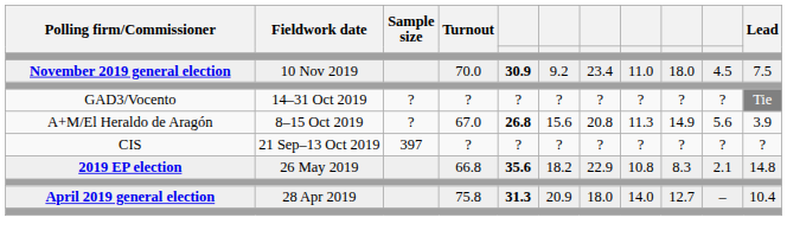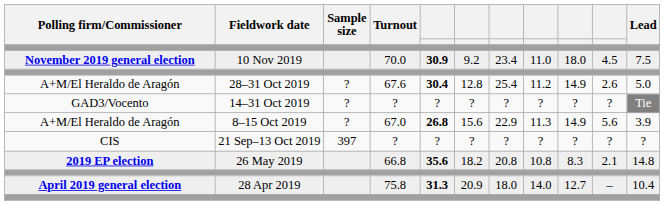 <table class="wikitable collapsible collapsed" style="text-align:center; font-size:95%; line-height:16px;">
 <tr style="height:42px;">
 <th style="width:250px;" rowspan="2">Polling firm/Commissioner</th>
 <th style="width:125px;" rowspan="2">Fieldwork date</th>
 <th style="width:50px;" rowspan="2">Sample size</th>
 <th style="width:45px;" rowspan="2">Turnout</th>
 <th style="width:35px;"></th>
 <th style="width:35px;"></th>
 <th style="width:35px;"></th>
 <th style="width:35px;"></th>
 <th style="width:35px;"></th>
 <th style="width:35px;"></th>
 <th style="width:30px;" rowspan="2">Lead</th>
 </tr>
 <tr>
 <th style="color:inherit;background:"></th>
 <th style="color:inherit;background:"></th>
 <th style="color:inherit;background:"></th>
 <th style="color:inherit;background:"></th>
 <th style="color:inherit;background:"></th>
 <th style="color:inherit;background:"></th>
 </tr>
 <tr>
 <td colspan="11" style="background:#A0A0A0"></td>
 </tr>
 <tr style="background:#EFEFEF;">
 <td><strong><a href='#'>November 2019 general election</a></strong></td>
 <td>10 Nov 2019</td>
 <td></td>
 <td>70.0</td>
 <td><strong>30.9</strong><br></td>
 <td>9.2<br></td>
 <td>23.4<br></td>
 <td>11.0<br></td>
 <td>18.0<br></td>
 <td>4.5<br></td>
 <td style="background:">7.5</td>
 </tr>
 <tr>
 <td colspan="11" style="background:#A0A0A0"></td>
 </tr>
 <tr>
+<td>A+M/El Heraldo de Aragón</td>
+<td>28–31 Oct 2019</td>
+<td>?</td>
+<td>67.6</td>
+<td><strong>30.4</strong><br></td>
+<td>12.8<br></td>
+<td>25.4<br></td>
+<td>11.2<br></td>
+<td>14.9<br></td>
+<td>2.6<br></td>
+<td style="background:">5.0</td>
+</tr>
+<tr>
 <td>GAD3/Vocento</td>
 <td>14–31 Oct 2019</td>
 <td>?</td>
 <td>?</td>
 <td>?<br></td>
 <td>?<br></td>
 <td>?<br></td>
 <td>?<br></td>
 <td>?<br></td>
 <td>?<br></td>
 <td style="background:gray;color:white;">Tie</td>
 </tr>
 <tr>
 <td>A+M/El Heraldo de Aragón</td>
 <td>8–15 Oct 2019</td>
 <td>?</td>
 <td>67.0</td>
 <td><strong>26.8</strong><br></td>
 <td>15.6<br></td>
-<td>20.8<br></td>
+<td>22.9<br></td>
 <td>11.3<br></td>
 <td>14.9<br></td>
 <td>5.6<br></td>
 <td style="background:">3.9</td>
 </tr>
 <tr>
 <td>CIS</td>
 <td>21 Sep–13 Oct 2019</td>
 <td>397</td>
 <td>?</td>
 <td>?<br></td>
 <td>?<br></td>
 <td>?<br></td>
 <td>?<br></td>
 <td>?<br></td>
 <td>?<br></td>
 <td style="background:">?</td>
 </tr>
 <tr style="background:#EFEFEF;">
 <td><strong><a href='#'>2019 EP election</a></strong></td>
 <td>26 May 2019</td>
 <td></td>
 <td>66.8</td>
 <td><strong>35.6</strong><br></td>
 <td>18.2<br></td>
-<td>22.9<br></td>
+<td>20.8<br></td>
 <td>10.8<br></td>
 <td>8.3<br></td>
 <td>2.1<br></td>
 <td style="background:">14.8</td>
 </tr>
 <tr>
 <td colspan="11" style="background:#A0A0A0"></td>
 </tr>
 <tr style="background:#EFEFEF;">
 <td><strong><a href='#'>April 2019 general election</a></strong></td>
 <td>28 Apr 2019</td>
 <td></td>
 <td>75.8</td>
 <td><strong>31.3</strong><br></td>
 <td>20.9<br></td>
 <td>18.0<br></td>
 <td>14.0<br></td>
 <td>12.7<br></td>
 <td>–</td>
 <td style="background:">10.4</td>
 </tr>
 <tr>
 <td colspan="11" style="background:#A0A0A0"></td>
 </tr>
 </table>
